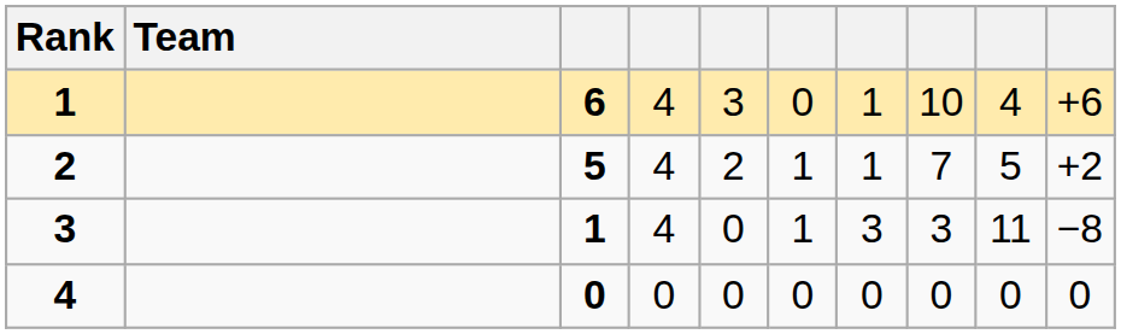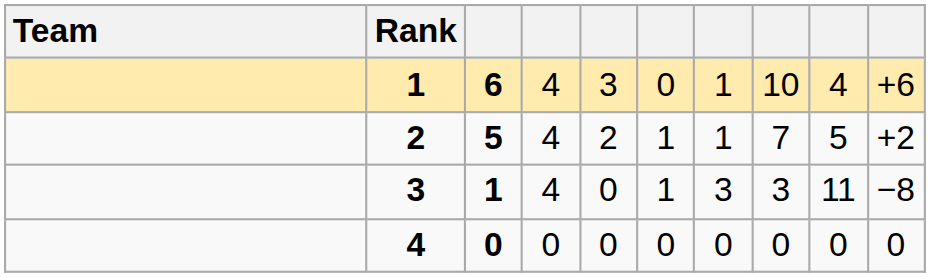 <table class="wikitable" style="text-align:center">
 <tr>
+<th width=165 style="text-align:left">Team</th>
 <th width=30>Rank</th>
-<th width=165 style="text-align:left">Team</th>
 <th width=20></th>
 <th width=20></th>
 <th width=20></th>
 <th width=20></th>
 <th width=20></th>
 <th width=20></th>
 <th width=20></th>
 <th width=20></th>
 </tr>
 <tr bgcolor="#ffebad">
+<td align="left"></td>
 <td><strong>1</strong></td>
-<td align="left"></td>
 <td><strong>6</strong></td>
 <td>4</td>
 <td>3</td>
 <td>0</td>
 <td>1</td>
 <td>10</td>
 <td>4</td>
 <td>+6</td>
 </tr>
 <tr>
+<td align="left"></td>
 <td><strong>2</strong></td>
-<td align="left"></td>
 <td><strong>5</strong></td>
 <td>4</td>
 <td>2</td>
 <td>1</td>
 <td>1</td>
 <td>7</td>
 <td>5</td>
 <td>+2</td>
 </tr>
 <tr>
+<td align="left"></td>
 <td><strong>3</strong></td>
-<td align="left"></td>
 <td><strong>1</strong></td>
 <td>4</td>
 <td>0</td>
 <td>1</td>
 <td>3</td>
 <td>3</td>
 <td>11</td>
 <td>−8</td>
 </tr>
 <tr>
+<td align="left"></td>
 <td><strong>4</strong></td>
-<td align="left"></td>
 <td><strong>0</strong></td>
 <td>0</td>
 <td>0</td>
 <td>0</td>
 <td>0</td>
 <td>0</td>
 <td>0</td>
 <td>0</td>
 </tr>
 </table>
